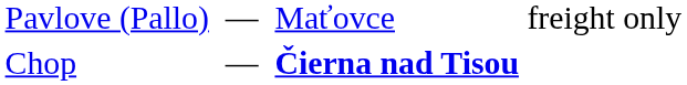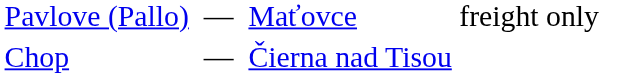 <table>
 <tr>
 <td><a href='#'>Pavlove (Pallo)</a></td>
 <td></td>
 <td>—</td>
 <td></td>
 <td><a href='#'>Maťovce</a></td>
 <td>freight only</td>
 </tr>
 <tr>
 <td><a href='#'>Chop</a></td>
 <td></td>
 <td>—</td>
 <td></td>
-<td><strong><a href='#'>Čierna nad Tisou</a></strong></td>
+<td><a href='#'>Čierna nad Tisou</a></td>
 <td></td>
 </tr>
 </table>
